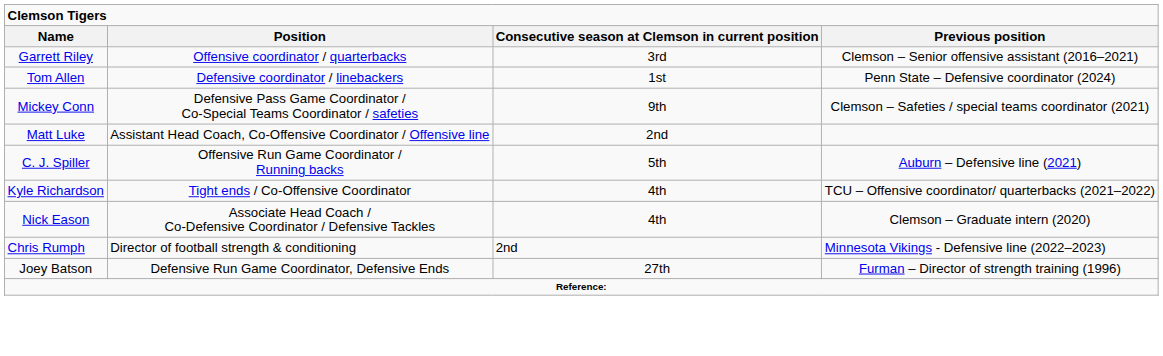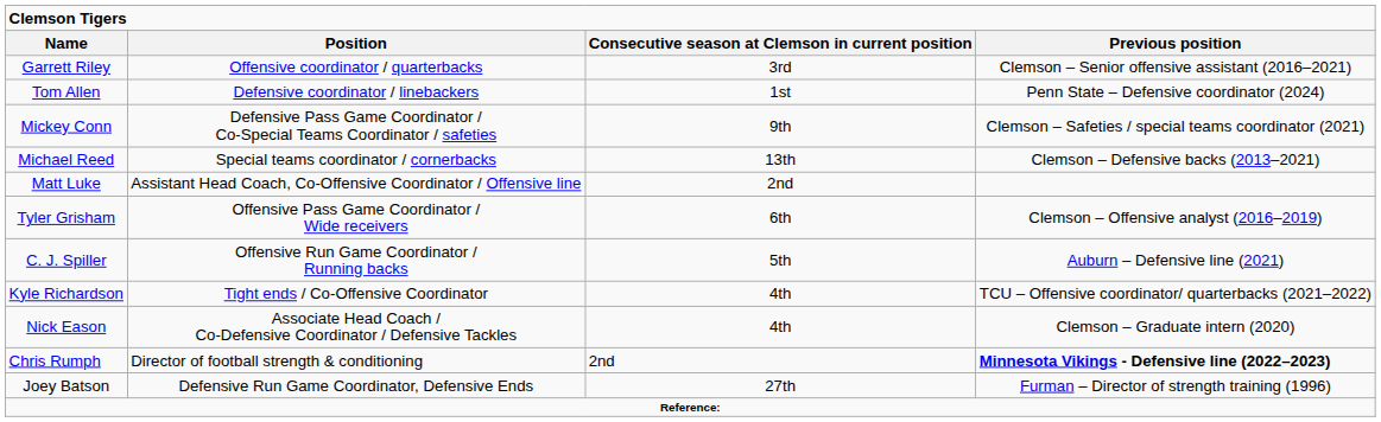 <table class="wikitable" style="font-size:90%;">
 <tr>
 <td colspan=4><strong>Clemson Tigers</strong></td>
 </tr>
 <tr align="center";>
 <th>Name</th>
 <th>Position</th>
 <th>Consecutive season at Clemson in current position</th>
 <th>Previous position</th>
 </tr>
 <tr align="center";>
 <td><a href='#'>Garrett Riley</a></td>
 <td><a href='#'>Offensive coordinator</a> / <a href='#'>quarterbacks</a></td>
 <td>3rd</td>
 <td>Clemson – Senior offensive assistant (2016–2021)</td>
 </tr>
 <tr align="center";>
 <td><a href='#'>Tom Allen</a></td>
 <td><a href='#'>Defensive coordinator</a> / <a href='#'>linebackers</a></td>
 <td>1st</td>
 <td>Penn State – Defensive coordinator (2024)</td>
 </tr>
 <tr align="center";>
 <td><a href='#'>Mickey Conn</a></td>
 <td>Defensive Pass Game Coordinator /<br>Co-Special Teams Coordinator / <a href='#'>safeties</a></td>
 <td>9th</td>
 <td>Clemson – Safeties / special teams coordinator (2021)</td>
 </tr>
 <tr align="center";>
+<td><a href='#'>Michael Reed</a></td>
+<td>Special teams coordinator / <a href='#'>cornerbacks</a></td>
+<td>13th</td>
+<td>Clemson – Defensive backs (<a href='#'>2013</a>–2021)</td>
+</tr>
+<tr align="center";>
 <td><a href='#'>Matt Luke</a></td>
 <td>Assistant Head Coach, Co-Offensive Coordinator / <a href='#'>Offensive line</a></td>
 <td>2nd</td>
 <td></td>
+</tr>
+<tr align="center";>
+<td><a href='#'>Tyler Grisham</a></td>
+<td>Offensive Pass Game Coordinator /<br><a href='#'>Wide receivers</a></td>
+<td>6th</td>
+<td>Clemson – Offensive analyst (<a href='#'>2016</a>–<a href='#'>2019</a>)</td>
 </tr>
 <tr align="center";>
 <td><a href='#'>C. J. Spiller</a></td>
 <td>Offensive Run Game Coordinator /<br><a href='#'>Running backs</a></td>
 <td>5th</td>
 <td><a href='#'>Auburn</a> – Defensive line (<a href='#'>2021</a>)</td>
 </tr>
 <tr align="center";>
 <td><a href='#'>Kyle Richardson</a></td>
 <td><a href='#'>Tight ends</a> / Co-Offensive Coordinator</td>
 <td>4th</td>
 <td>TCU – Offensive coordinator/ quarterbacks (2021–2022)</td>
 </tr>
 <tr align="center";>
 <td><a href='#'>Nick Eason</a></td>
 <td>Associate Head Coach /<br>Co-Defensive Coordinator / Defensive Tackles</td>
 <td>4th</td>
 <td>Clemson – Graduate intern (2020)</td>
 </tr>
 <tr>
 <td><a href='#'>Chris Rumph</a></td>
 <td>Director of football strength & conditioning</td>
 <td>2nd</td>
-<td><a href='#'>Minnesota Vikings</a> - Defensive line (2022–2023)</td>
+<td><strong><a href='#'>Minnesota Vikings</a> - Defensive line (2022–2023)</strong></td>
 </tr>
 <tr align="center";>
 <td>Joey Batson</td>
 <td>Defensive Run Game Coordinator, Defensive Ends</td>
 <td>27th</td>
 <td><a href='#'>Furman</a> – Director of strength training (1996)</td>
 </tr>
 <tr>
 <td colspan="4"  style="font-size:8pt; text-align:center;"><strong>Reference:</strong></td>
 </tr>
 </table>
